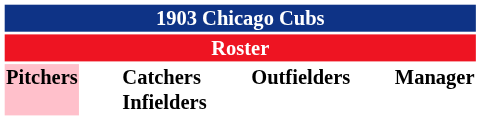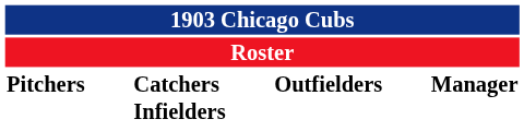 <table class="toccolours" style="font-size: 95%;">
 <tr>
 <th colspan="10" style="background-color: #0e3386; color: white; text-align: center;">1903 Chicago Cubs</th>
 </tr>
 <tr>
 <td colspan="10" style="background-color: #EE1422; color: white; text-align: center;"><strong>Roster</strong></td>
 </tr>
 <tr>
-<td valign="top" style="background: pink;"><strong>Pitchers</strong><br>         </td>
+<td valign="top"><strong>Pitchers</strong><br>         </td>
 <td width="25px"></td>
 <td valign="top"><strong>Catchers</strong><br>   <strong>Infielders</strong>        </td>
 <td width="25px"></td>
 <td valign="top"><strong>Outfielders</strong><br>     </td>
 <td width="25px"></td>
 <td valign="top"><strong>Manager</strong><br></td>
 </tr>
 <tr>
 </tr>
 </table>
